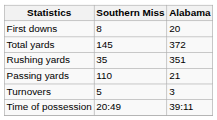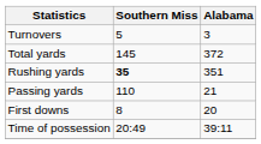 <table class="wikitable" style="float: left;">
 <tr>
 <th>Statistics</th>
 <th>Southern Miss</th>
 <th>Alabama</th>
 </tr>
 <tr>
-<td>First downs</td>
-<td>8</td>
-<td>20</td>
+<td>Turnovers</td>
+<td>5</td>
+<td>3</td>
 </tr>
 <tr>
 <td>Total yards</td>
 <td>145</td>
 <td>372</td>
 </tr>
 <tr>
 <td>Rushing yards</td>
-<td>35</td>
+<td><strong>35</strong></td>
 <td>351</td>
 </tr>
 <tr>
 <td>Passing yards</td>
 <td>110</td>
 <td>21</td>
 </tr>
 <tr>
-<td>Turnovers</td>
-<td>5</td>
-<td>3</td>
+<td>First downs</td>
+<td>8</td>
+<td>20</td>
 </tr>
 <tr>
 <td>Time of possession</td>
 <td>20:49</td>
 <td>39:11</td>
 </tr>
 <tr>
 </tr>
 </table>
